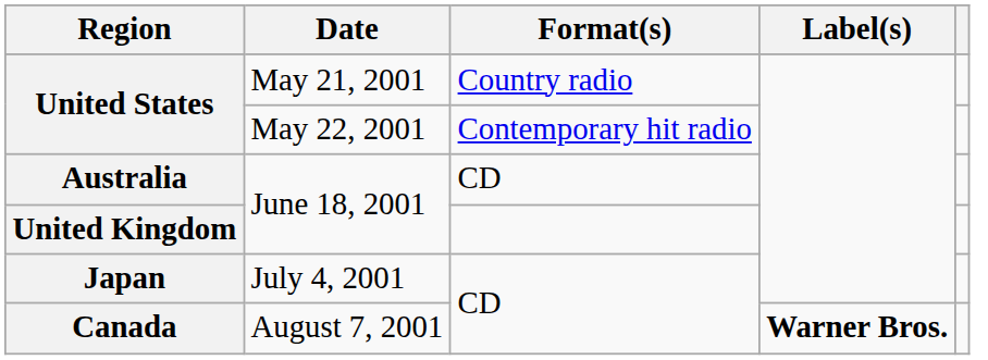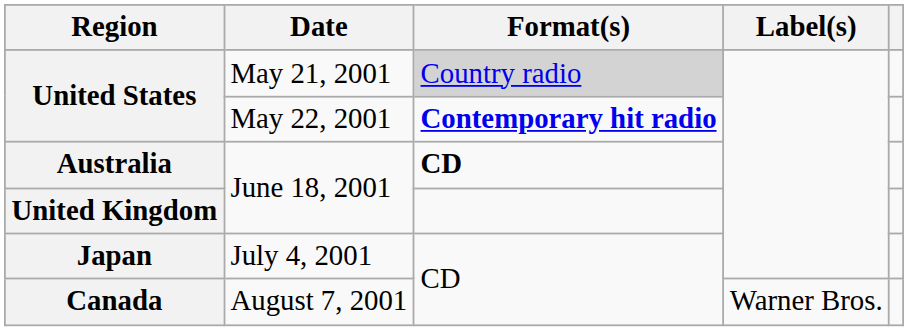 <table class="wikitable plainrowheaders">
 <tr>
 <th scope="col">Region</th>
 <th scope="col">Date</th>
 <th scope="col">Format(s)</th>
 <th scope="col">Label(s)</th>
 <th scope="col"></th>
 </tr>
 <tr>
 <th scope="row" rowspan="2">United States</th>
 <td>May 21, 2001</td>
-<td><a href='#'>Country radio</a></td>
+<td style="background: lightgrey;"><a href='#'>Country radio</a></td>
 <td rowspan="5"></td>
 <td></td>
 </tr>
 <tr>
 <td>May 22, 2001</td>
-<td><a href='#'>Contemporary hit radio</a></td>
+<td><strong><a href='#'>Contemporary hit radio</a></strong></td>
 <td></td>
 </tr>
 <tr>
 <th scope="row">Australia</th>
 <td rowspan="2">June 18, 2001</td>
-<td>CD</td>
+<td><strong>CD</strong></td>
 <td></td>
 </tr>
 <tr>
 <th scope="row">United Kingdom</th>
 <td></td>
 <td></td>
 </tr>
 <tr>
 <th scope="row">Japan</th>
 <td>July 4, 2001</td>
 <td rowspan="2">CD</td>
 <td></td>
 </tr>
 <tr>
 <th scope="row">Canada</th>
 <td>August 7, 2001</td>
-<td><strong>Warner Bros.</strong></td>
+<td>Warner Bros.</td>
 <td></td>
 </tr>
 </table>
